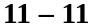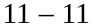 <table style="text-align:center">
 <tr>
 <th width=200></th>
 <th width=100></th>
 <th width=200></th>
 </tr>
 <tr>
 <td align=right><strong></strong></td>
-<td><strong>11 – 11</strong></td>
+<td>11 – 11</td>
 <td align=left><strong></strong></td>
 </tr>
 </table>
